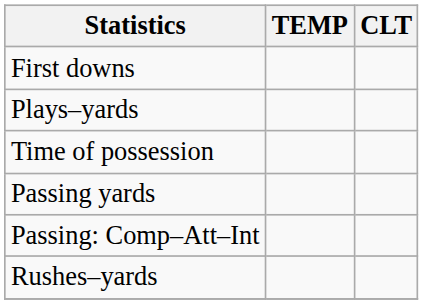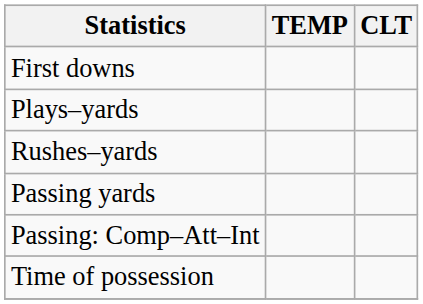 <table class="wikitable" style="float: left;">
 <tr>
 <th>Statistics</th>
 <th>TEMP</th>
 <th>CLT</th>
 </tr>
 <tr>
 <td>First downs</td>
 <td></td>
 <td></td>
 </tr>
 <tr>
 <td>Plays–yards</td>
 <td></td>
 <td></td>
 </tr>
 <tr>
-<td>Time of possession</td>
+<td>Rushes–yards</td>
 <td></td>
 <td></td>
 </tr>
 <tr>
 <td>Passing yards</td>
 <td></td>
 <td></td>
 </tr>
 <tr>
 <td>Passing: Comp–Att–Int</td>
 <td></td>
 <td></td>
 </tr>
 <tr>
-<td>Rushes–yards</td>
+<td>Time of possession</td>
 <td></td>
 <td></td>
 </tr>
 <tr>
 </tr>
 </table>
